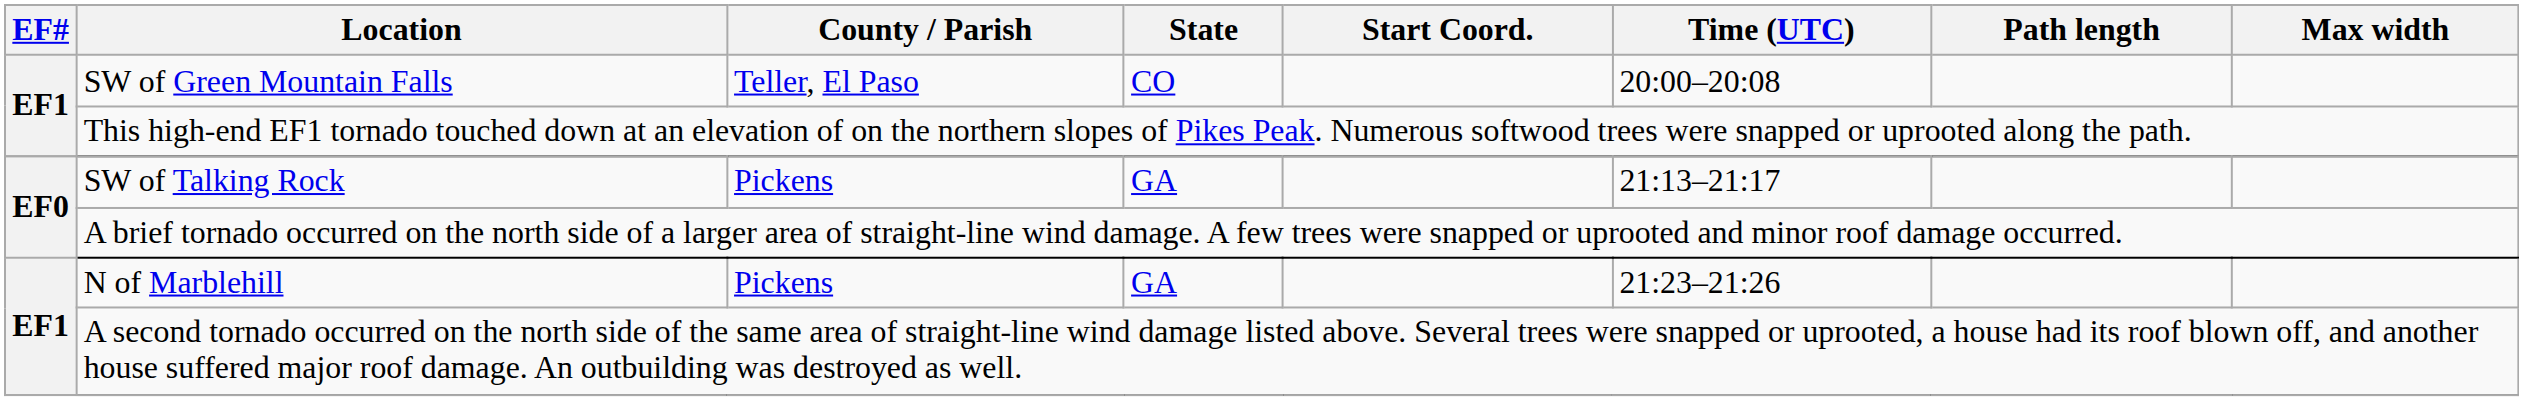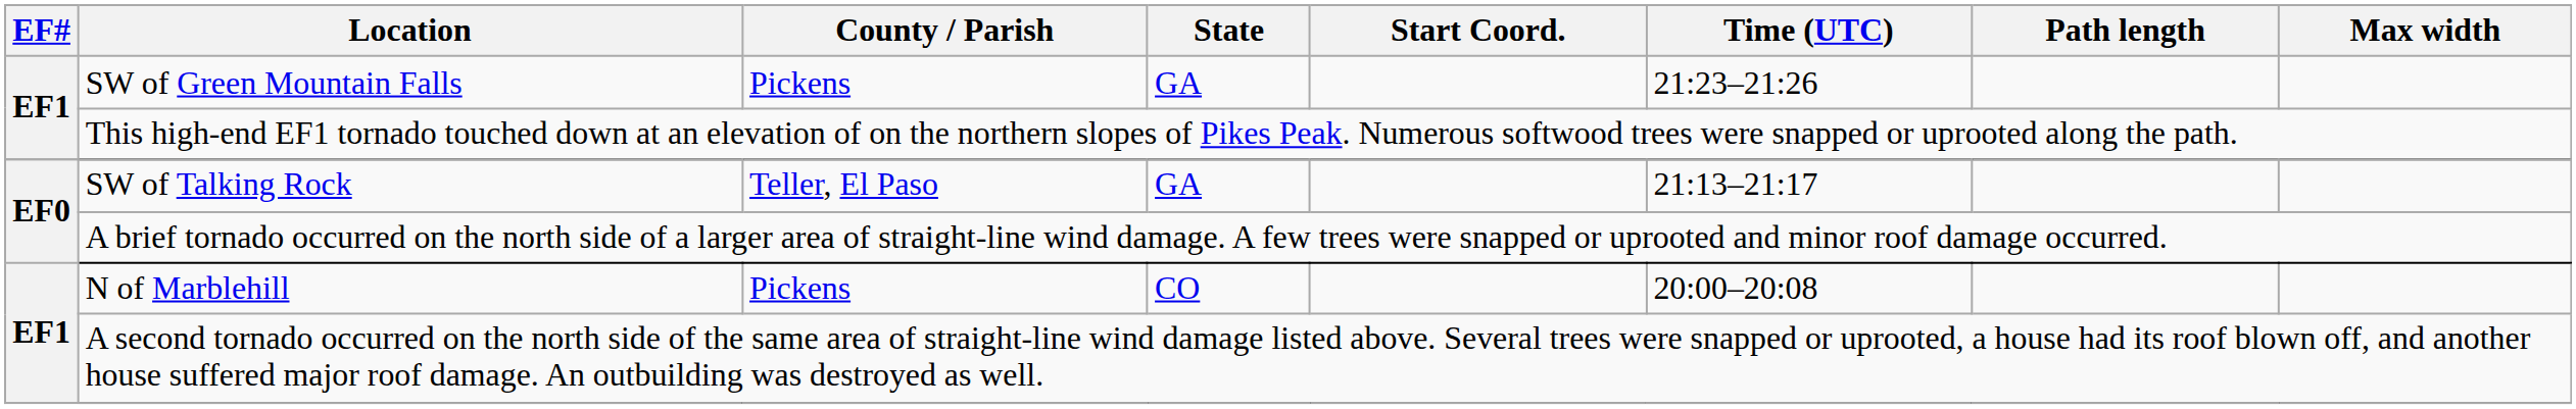 <table class="wikitable sortable" style="width:100%;">
 <tr>
 <th scope="col" width="2%" align="center"><a href='#'>EF#</a></th>
 <th scope="col" align="center" class="unsortable">Location</th>
 <th scope="col" align="center" class="unsortable">County / Parish</th>
 <th scope="col" align="center">State</th>
 <th scope="col" align="center">Start Coord.</th>
 <th scope="col" align="center">Time (<a href='#'>UTC</a>)</th>
 <th scope="col" align="center">Path length</th>
 <th scope="col" align="center">Max width</th>
 </tr>
 <tr>
 <th scope="row" rowspan="2" style="background-color:#">EF1</th>
 <td>SW of <a href='#'>Green Mountain Falls</a></td>
-<td><a href='#'>Teller</a>, <a href='#'>El Paso</a></td>
-<td><a href='#'>CO</a></td>
+<td><a href='#'>Pickens</a></td>
+<td><a href='#'>GA</a></td>
 <td></td>
-<td>20:00–20:08</td>
+<td>21:23–21:26</td>
 <td></td>
 <td></td>
 </tr>
 <tr class="expand-child">
 <td colspan="8" style=" border-bottom: 1px solid black;">This high-end EF1 tornado touched down at an elevation of  on the northern slopes of <a href='#'>Pikes Peak</a>. Numerous softwood trees were snapped or uprooted along the path.</td>
 </tr>
 <tr>
 </tr>
 <tr>
 <th scope="row" rowspan="2" style="background-color:#">EF0</th>
 <td>SW of <a href='#'>Talking Rock</a></td>
-<td><a href='#'>Pickens</a></td>
+<td><a href='#'>Teller</a>, <a href='#'>El Paso</a></td>
 <td><a href='#'>GA</a></td>
 <td></td>
 <td>21:13–21:17</td>
 <td></td>
 <td></td>
 </tr>
 <tr class="expand-child">
 <td colspan="8" style=" border-bottom: 1px solid black;">A brief tornado occurred on the north side of a larger area of straight-line wind damage. A few trees were snapped or uprooted and minor roof damage occurred.</td>
 </tr>
 <tr>
 <th scope="row" rowspan="2" style="background-color:#">EF1</th>
 <td>N of <a href='#'>Marblehill</a></td>
 <td><a href='#'>Pickens</a></td>
-<td><a href='#'>GA</a></td>
+<td><a href='#'>CO</a></td>
 <td></td>
-<td>21:23–21:26</td>
+<td>20:00–20:08</td>
 <td></td>
 <td></td>
 </tr>
 <tr class="expand-child">
 <td colspan="8" style=" border-bottom: 1px solid black;">A second tornado occurred on the north side of the same area of straight-line wind damage listed above. Several trees were snapped or uprooted, a house had its roof blown off, and another house suffered major roof damage. An outbuilding was destroyed as well.</td>
 </tr>
 <tr>
 </tr>
 </table>
